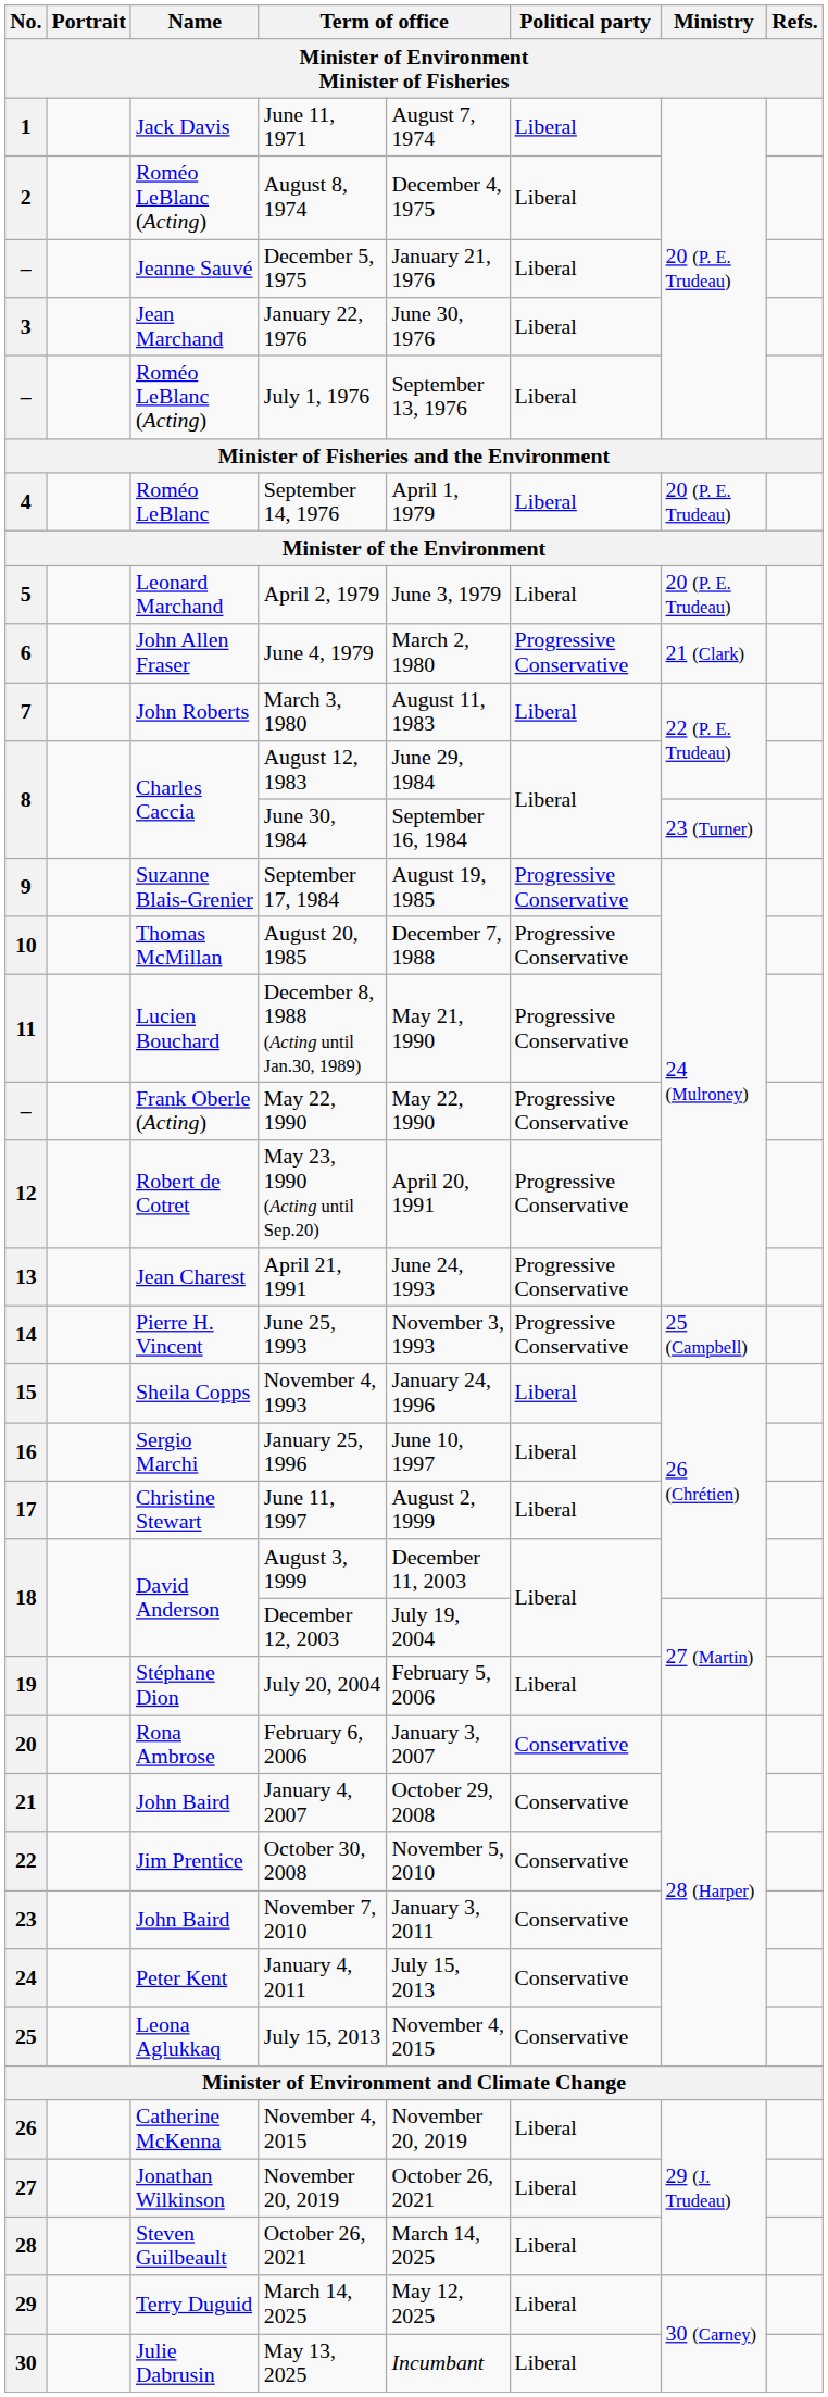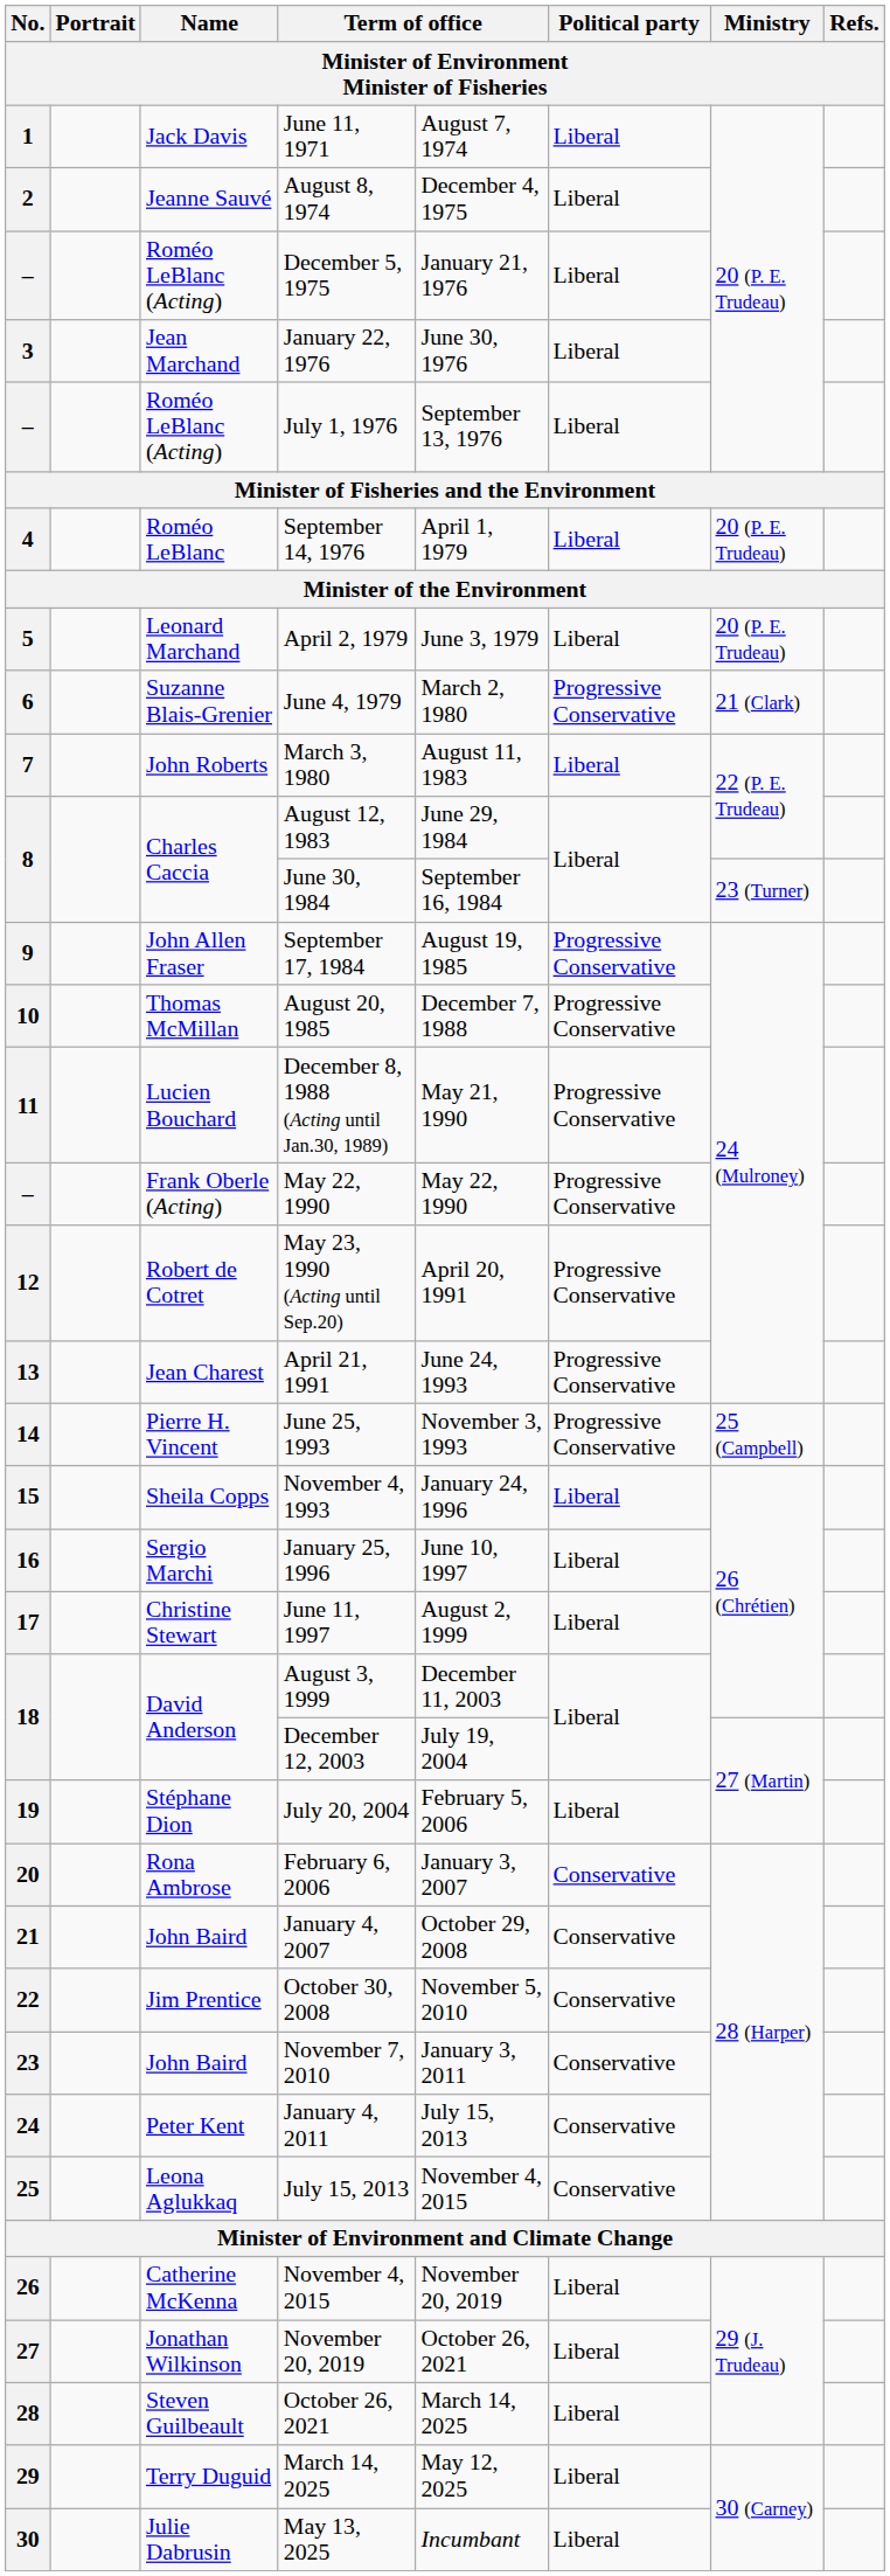 <table class="wikitable">
 <tr>
 <th>No.</th>
 <th>Portrait</th>
 <th>Name</th>
 <th colspan=2>Term of office</th>
 <th>Political party</th>
 <th>Ministry</th>
 <th>Refs.</th>
 </tr>
 <tr>
 <th colspan=8>Minister of Environment<br>Minister of Fisheries</th>
 </tr>
 <tr>
 <th style="background:">1</th>
 <td></td>
 <td><a href='#'>Jack Davis</a></td>
 <td>June 11, 1971</td>
 <td>August 7, 1974</td>
 <td><a href='#'>Liberal</a></td>
 <td rowspan=5><a href='#'>20</a> <small>(<a href='#'>P. E. Trudeau</a>)</small></td>
 <td></td>
 </tr>
 <tr>
 <th style="background:">2</th>
 <td></td>
-<td><a href='#'>Roméo LeBlanc</a><br>(<em>Acting</em>)</td>
+<td><a href='#'>Jeanne Sauvé</a></td>
 <td>August 8, 1974</td>
 <td>December 4, 1975</td>
 <td>Liberal</td>
 <td></td>
 </tr>
 <tr>
 <th style="background:">–</th>
 <td></td>
-<td><a href='#'>Jeanne Sauvé</a></td>
+<td><a href='#'>Roméo LeBlanc</a><br>(<em>Acting</em>)</td>
 <td>December 5, 1975</td>
 <td>January 21, 1976</td>
 <td>Liberal</td>
 <td></td>
 </tr>
 <tr>
 <th style="background:">3</th>
 <td></td>
 <td><a href='#'>Jean Marchand</a></td>
 <td>January 22, 1976</td>
 <td>June 30, 1976</td>
 <td>Liberal</td>
 <td></td>
 </tr>
 <tr>
 <th style="background:">–</th>
 <td></td>
 <td><a href='#'>Roméo LeBlanc</a><br>(<em>Acting</em>)</td>
 <td>July 1, 1976</td>
 <td>September 13, 1976</td>
 <td>Liberal</td>
 <td></td>
 </tr>
 <tr>
 <th colspan=8>Minister of Fisheries and the Environment</th>
 </tr>
 <tr>
 <th style="background:">4</th>
 <td></td>
 <td><a href='#'>Roméo LeBlanc</a></td>
 <td>September 14, 1976</td>
 <td>April 1, 1979</td>
 <td><a href='#'>Liberal</a></td>
 <td><a href='#'>20</a> <small>(<a href='#'>P. E. Trudeau</a>)</small></td>
 <td></td>
 </tr>
 <tr>
 <th colspan=8>Minister of the Environment</th>
 </tr>
 <tr>
 <th style="background:">5</th>
 <td></td>
 <td><a href='#'>Leonard Marchand</a></td>
 <td>April 2, 1979</td>
 <td>June 3, 1979</td>
 <td>Liberal</td>
 <td><a href='#'>20</a> <small>(<a href='#'>P. E. Trudeau</a>)</small></td>
 <td></td>
 </tr>
 <tr>
 <th style="background:">6</th>
 <td></td>
-<td><a href='#'>John Allen Fraser</a></td>
+<td><a href='#'>Suzanne Blais-Grenier</a></td>
 <td>June 4, 1979</td>
 <td>March 2, 1980</td>
 <td><a href='#'>Progressive Conservative</a></td>
 <td><a href='#'>21</a> <small>(<a href='#'>Clark</a>)</small></td>
 <td></td>
 </tr>
 <tr>
 <th style="background:">7</th>
 <td></td>
 <td><a href='#'>John Roberts</a></td>
 <td>March 3, 1980</td>
 <td>August 11, 1983</td>
 <td><a href='#'>Liberal</a></td>
 <td rowspan=2><a href='#'>22</a> <small>(<a href='#'>P. E. Trudeau</a>)</small></td>
 <td></td>
 </tr>
 <tr>
 <th rowspan=2 style="background:">8</th>
 <td rowspan=2></td>
 <td rowspan=2><a href='#'>Charles Caccia</a></td>
 <td>August 12, 1983</td>
 <td>June 29, 1984</td>
 <td rowspan=2>Liberal</td>
 <td></td>
 </tr>
 <tr>
 <td>June 30, 1984</td>
 <td>September 16, 1984</td>
 <td><a href='#'>23</a> <small>(<a href='#'>Turner</a>)</small></td>
 <td></td>
 </tr>
 <tr>
 <th style="background:">9</th>
 <td></td>
-<td><a href='#'>Suzanne Blais-Grenier</a></td>
+<td><a href='#'>John Allen Fraser</a></td>
 <td>September 17, 1984</td>
 <td>August 19, 1985</td>
 <td><a href='#'>Progressive Conservative</a></td>
 <td rowspan=6><a href='#'>24</a> <small>(<a href='#'>Mulroney</a>)</small></td>
 <td></td>
 </tr>
 <tr>
 <th style="background:">10</th>
 <td></td>
 <td><a href='#'>Thomas McMillan</a></td>
 <td>August 20, 1985</td>
 <td>December 7, 1988</td>
 <td>Progressive Conservative</td>
 <td></td>
 </tr>
 <tr>
 <th style="background:">11</th>
 <td></td>
 <td><a href='#'>Lucien Bouchard</a></td>
 <td>December 8, 1988<br><small>(<em>Acting</em> until Jan.30, 1989)</small></td>
 <td>May 21, 1990</td>
 <td>Progressive Conservative</td>
 <td></td>
 </tr>
 <tr>
 <th style="background:">–</th>
 <td></td>
 <td><a href='#'>Frank Oberle</a><br>(<em>Acting</em>)</td>
 <td>May 22, 1990</td>
 <td>May 22, 1990</td>
 <td>Progressive Conservative</td>
 <td></td>
 </tr>
 <tr>
 <th style="background:">12</th>
 <td></td>
 <td><a href='#'>Robert de Cotret</a></td>
 <td>May 23, 1990<br><small>(<em>Acting</em> until Sep.20)</small></td>
 <td>April 20, 1991</td>
 <td>Progressive Conservative</td>
 <td></td>
 </tr>
 <tr>
 <th style="background:">13</th>
 <td></td>
 <td><a href='#'>Jean Charest</a></td>
 <td>April 21, 1991</td>
 <td>June 24, 1993</td>
 <td>Progressive Conservative</td>
 <td></td>
 </tr>
 <tr>
 <th style="background:">14</th>
 <td></td>
 <td><a href='#'>Pierre H. Vincent</a></td>
 <td>June 25, 1993</td>
 <td>November 3, 1993</td>
 <td>Progressive Conservative</td>
 <td><a href='#'>25</a> <small>(<a href='#'>Campbell</a>)</small></td>
 <td></td>
 </tr>
 <tr>
 <th style="background:">15</th>
 <td></td>
 <td><a href='#'>Sheila Copps</a></td>
 <td>November 4, 1993</td>
 <td>January 24, 1996</td>
 <td><a href='#'>Liberal</a></td>
 <td rowspan=4><a href='#'>26</a> <small>(<a href='#'>Chrétien</a>)</small></td>
 <td></td>
 </tr>
 <tr>
 <th style="background:">16</th>
 <td></td>
 <td><a href='#'>Sergio Marchi</a></td>
 <td>January 25, 1996</td>
 <td>June 10, 1997</td>
 <td>Liberal</td>
 <td></td>
 </tr>
 <tr>
 <th style="background:">17</th>
 <td></td>
 <td><a href='#'>Christine Stewart</a></td>
 <td>June 11, 1997</td>
 <td>August 2, 1999</td>
 <td>Liberal</td>
 <td></td>
 </tr>
 <tr>
 <th rowspan=2 style="background:">18</th>
 <td rowspan=2></td>
 <td rowspan=2><a href='#'>David Anderson</a></td>
 <td>August 3, 1999</td>
 <td>December 11, 2003</td>
 <td rowspan=2>Liberal</td>
 <td></td>
 </tr>
 <tr>
 <td>December 12, 2003</td>
 <td>July 19, 2004</td>
 <td rowspan=2><a href='#'>27</a> <small>(<a href='#'>Martin</a>)</small></td>
 <td></td>
 </tr>
 <tr>
 <th style="background:">19</th>
 <td></td>
 <td><a href='#'>Stéphane Dion</a></td>
 <td>July 20, 2004</td>
 <td>February 5, 2006</td>
 <td>Liberal</td>
 <td></td>
 </tr>
 <tr>
 <th style="background:">20</th>
 <td></td>
 <td><a href='#'>Rona Ambrose</a></td>
 <td>February 6, 2006</td>
 <td>January 3, 2007</td>
 <td><a href='#'>Conservative</a></td>
 <td rowspan=6><a href='#'>28</a> <small>(<a href='#'>Harper</a>)</small></td>
 <td></td>
 </tr>
 <tr>
 <th style="background:">21</th>
 <td></td>
 <td><a href='#'>John Baird</a></td>
 <td>January 4, 2007</td>
 <td>October 29, 2008</td>
 <td>Conservative</td>
 <td></td>
 </tr>
 <tr>
 <th style="background:">22</th>
 <td></td>
 <td><a href='#'>Jim Prentice</a></td>
 <td>October 30, 2008</td>
 <td>November 5, 2010</td>
 <td>Conservative</td>
 <td></td>
 </tr>
 <tr>
 <th style="background:">23</th>
 <td></td>
 <td><a href='#'>John Baird</a></td>
 <td>November 7, 2010</td>
 <td>January 3, 2011</td>
 <td>Conservative</td>
 <td></td>
 </tr>
 <tr>
 <th style="background:">24</th>
 <td></td>
 <td><a href='#'>Peter Kent</a></td>
 <td>January 4, 2011</td>
 <td>July 15, 2013</td>
 <td>Conservative</td>
 <td></td>
 </tr>
 <tr>
 <th style="background:">25</th>
 <td></td>
 <td><a href='#'>Leona Aglukkaq</a></td>
 <td>July 15, 2013</td>
 <td>November 4, 2015</td>
 <td>Conservative</td>
 <td></td>
 </tr>
 <tr>
 <th colspan=8>Minister of Environment and Climate Change</th>
 </tr>
 <tr>
 <th style="background:">26</th>
 <td></td>
 <td><a href='#'>Catherine McKenna</a></td>
 <td>November 4, 2015</td>
 <td>November 20, 2019</td>
 <td>Liberal</td>
 <td rowspan=3><a href='#'>29</a> <small>(<a href='#'>J. Trudeau</a>)</small></td>
 <td></td>
 </tr>
 <tr>
 <th style="background:">27</th>
 <td></td>
 <td><a href='#'>Jonathan Wilkinson</a></td>
 <td>November 20, 2019</td>
 <td>October 26, 2021</td>
 <td>Liberal</td>
 <td></td>
 </tr>
 <tr>
 <th style="background:">28</th>
 <td></td>
 <td><a href='#'>Steven Guilbeault</a></td>
 <td>October 26, 2021</td>
 <td>March 14, 2025</td>
 <td>Liberal</td>
 <td></td>
 </tr>
 <tr>
 <th style="background:">29</th>
 <td></td>
 <td><a href='#'>Terry Duguid</a></td>
 <td>March 14, 2025</td>
 <td>May 12, 2025</td>
 <td>Liberal</td>
 <td rowspan=2><a href='#'>30</a> <small>(<a href='#'>Carney</a>)</small></td>
 <td></td>
 </tr>
 <tr>
 <th style="background:">30</th>
 <td></td>
 <td><a href='#'>Julie Dabrusin</a></td>
 <td>May 13, 2025</td>
 <td><em>Incumbant</em></td>
 <td>Liberal</td>
 </tr>
 </table>
